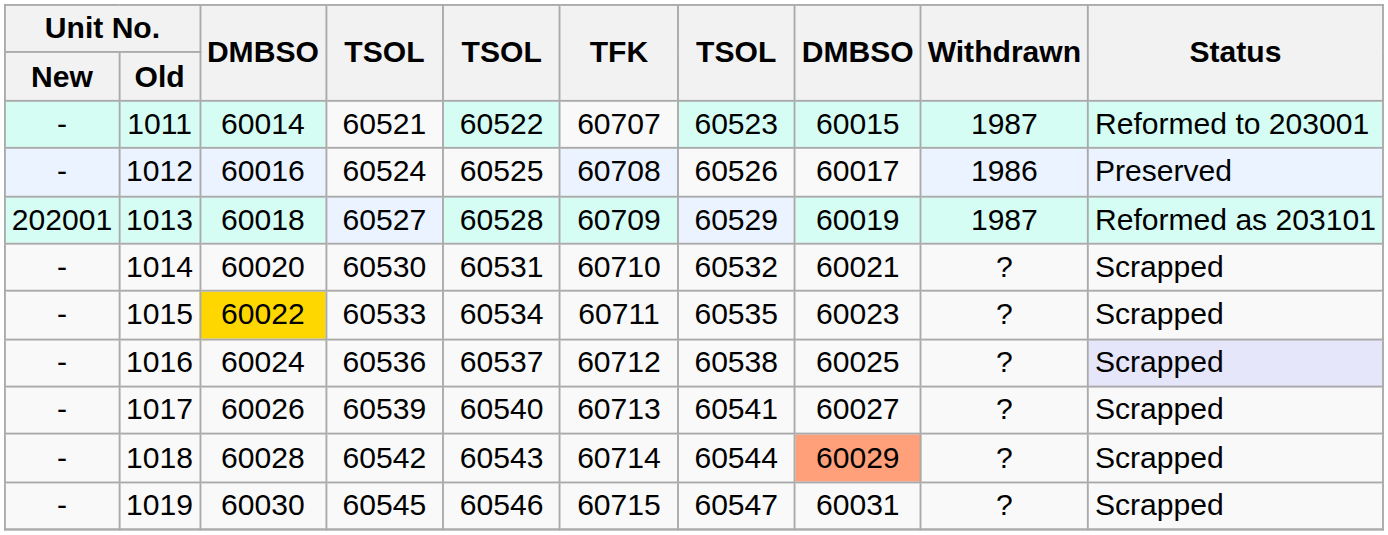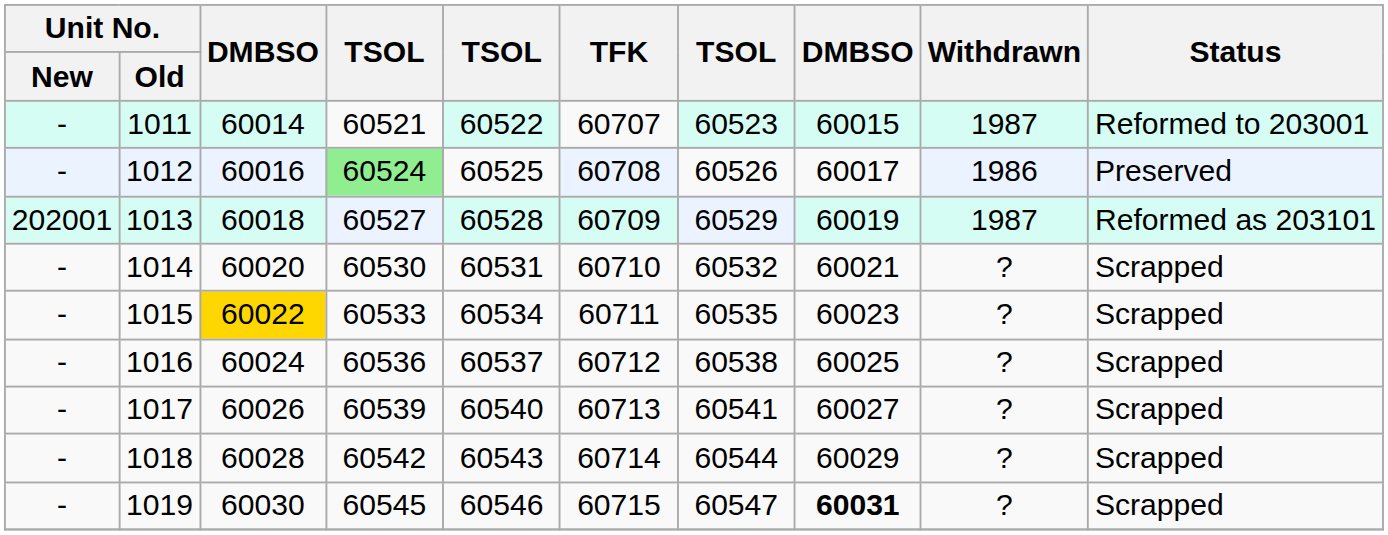 <table class="wikitable">
 <tr>
 <th colspan=2>Unit No.</th>
 <th rowspan=2 width=55>DMBSO</th>
 <th rowspan=2 width=55>TSOL</th>
 <th rowspan=2 width=55>TSOL</th>
 <th rowspan=2 width=55>TFK</th>
 <th rowspan=2 width=55>TSOL</th>
 <th rowspan=2 width=55>DMBSO</th>
 <th rowspan=2>Withdrawn</th>
 <th rowspan=2 align=left>Status</th>
 </tr>
 <tr>
 <th>New</th>
 <th>Old</th>
 </tr>
 <tr>
 <td style="background-color:#d5fdf4" align=center>-</td>
 <td style="background-color:#d5fdf4" align=center>1011</td>
 <td style="background-color:#d5fdf4" align=center>60014</td>
 <td align=center>60521</td>
 <td style="background-color:#d5fdf4" align=center>60522</td>
 <td align=center>60707</td>
 <td style="background-color:#d5fdf4" align=center>60523</td>
 <td style="background-color:#d5fdf4" align=center>60015</td>
 <td style="background-color:#d5fdf4" align=center>1987</td>
 <td style="background-color:#d5fdf4">Reformed to 203001</td>
 </tr>
 <tr>
 <td style="background-color:#eaf3ff" align=center>-</td>
 <td style="background-color:#eaf3ff" align=center>1012</td>
 <td style="background-color:#eaf3ff" align=center>60016</td>
-<td align=center>60524</td>
+<td align=center style="background: lightgreen;">60524</td>
 <td align=center>60525</td>
 <td style="background-color:#eaf3ff" align=center>60708</td>
 <td align=center>60526</td>
 <td align=center>60017</td>
 <td style="background-color:#eaf3ff" align=center>1986</td>
 <td style="background-color:#eaf3ff">Preserved</td>
 </tr>
 <tr>
 <td style="background-color:#d5fdf4" align=center>202001</td>
 <td style="background-color:#d5fdf4" align=center>1013</td>
 <td style="background-color:#d5fdf4" align=center>60018</td>
 <td style="background-color:#eaf3ff" align=center>60527</td>
 <td style="background-color:#d5fdf4" align=center>60528</td>
 <td style="background-color:#d5fdf4" align=center>60709</td>
 <td style="background-color:#eaf3ff" align=center>60529</td>
 <td style="background-color:#d5fdf4" align=center>60019</td>
 <td style="background-color:#d5fdf4" align=center>1987</td>
 <td style="background-color:#d5fdf4">Reformed as 203101</td>
 </tr>
 <tr>
 <td align=center>-</td>
 <td align=center>1014</td>
 <td align=center>60020</td>
 <td align=center>60530</td>
 <td align=center>60531</td>
 <td align=center>60710</td>
 <td align=center>60532</td>
 <td align=center>60021</td>
 <td align=center>?</td>
 <td>Scrapped</td>
 </tr>
 <tr>
 <td align=center>-</td>
 <td align=center>1015</td>
 <td align=center style="background: gold;">60022</td>
 <td align=center>60533</td>
 <td align=center>60534</td>
 <td align=center>60711</td>
 <td align=center>60535</td>
 <td align=center>60023</td>
 <td align=center>?</td>
 <td>Scrapped</td>
 </tr>
 <tr>
 <td align=center>-</td>
 <td align=center>1016</td>
 <td align=center>60024</td>
 <td align=center>60536</td>
 <td align=center>60537</td>
 <td align=center>60712</td>
 <td align=center>60538</td>
 <td align=center>60025</td>
 <td align=center>?</td>
-<td style="background: lavender;">Scrapped</td>
+<td>Scrapped</td>
 </tr>
 <tr>
 <td align=center>-</td>
 <td align=center>1017</td>
 <td align=center>60026</td>
 <td align=center>60539</td>
 <td align=center>60540</td>
 <td align=center>60713</td>
 <td align=center>60541</td>
 <td align=center>60027</td>
 <td align=center>?</td>
 <td>Scrapped</td>
 </tr>
 <tr>
 <td align=center>-</td>
 <td align=center>1018</td>
 <td align=center>60028</td>
 <td align=center>60542</td>
 <td align=center>60543</td>
 <td align=center>60714</td>
 <td align=center>60544</td>
-<td align=center style="background: lightsalmon;">60029</td>
+<td align=center>60029</td>
 <td align=center>?</td>
 <td>Scrapped</td>
 </tr>
 <tr>
 <td align=center>-</td>
 <td align=center>1019</td>
 <td align=center>60030</td>
 <td align=center>60545</td>
 <td align=center>60546</td>
 <td align=center>60715</td>
 <td align=center>60547</td>
-<td align=center>60031</td>
+<td align=center><strong>60031</strong></td>
 <td align=center>?</td>
 <td>Scrapped</td>
 </tr>
 <tr>
 </tr>
 </table>
